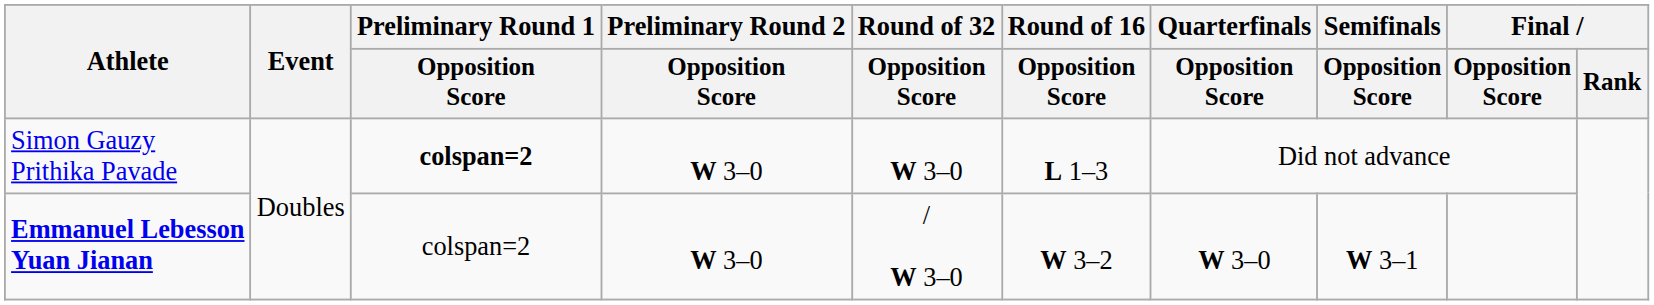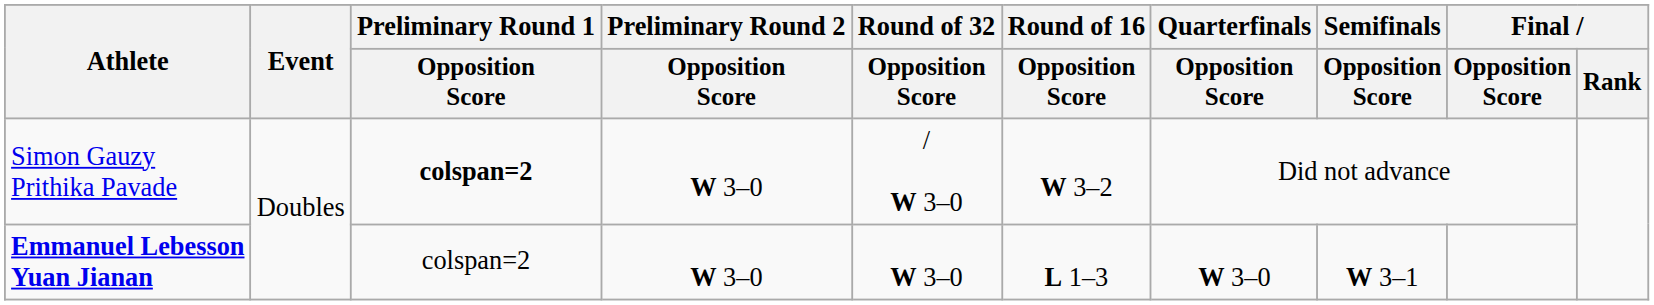 <table class=wikitable style=font-size:90%;text-align:center>
 <tr>
 <th rowspan=2>Athlete</th>
 <th rowspan=2>Event</th>
 <th>Preliminary Round 1</th>
 <th>Preliminary Round 2</th>
 <th>Round of 32</th>
 <th>Round of 16</th>
 <th>Quarterfinals</th>
 <th>Semifinals</th>
 <th colspan=2>Final / </th>
 </tr>
 <tr style=font-size:95%>
 <th>Opposition<br>Score</th>
 <th>Opposition<br>Score</th>
 <th>Opposition<br>Score</th>
 <th>Opposition<br>Score</th>
 <th>Opposition<br>Score</th>
 <th>Opposition<br>Score</th>
 <th>Opposition<br>Score</th>
 <th>Rank</th>
 </tr>
 <tr align=center>
 <td align=left><a href='#'>Simon Gauzy</a><br><a href='#'>Prithika Pavade</a></td>
 <td align=left rowspan=2>Doubles</td>
 <td><strong>colspan=2</strong></td>
 <td><br><strong>W</strong> 3–0</td>
-<td><br><strong>W</strong> 3–0</td>
-<td><br><strong>L</strong> 1–3</td>
+<td> /<br><br><strong>W</strong> 3–0</td>
+<td><br><strong>W</strong> 3–2</td>
 <td colspan=3>Did not advance</td>
 </tr>
 <tr align=center>
 <td align=left><strong><a href='#'>Emmanuel Lebesson</a><br><a href='#'>Yuan Jianan</a></strong></td>
 <td>colspan=2</td>
 <td><br><strong>W</strong> 3–0</td>
-<td> /<br><br><strong>W</strong> 3–0</td>
-<td><br><strong>W</strong> 3–2</td>
+<td><br><strong>W</strong> 3–0</td>
+<td><br><strong>L</strong> 1–3</td>
 <td><br><strong>W</strong> 3–0</td>
 <td><br><strong>W</strong> 3–1</td>
 <td></td>
 </tr>
 </table>
